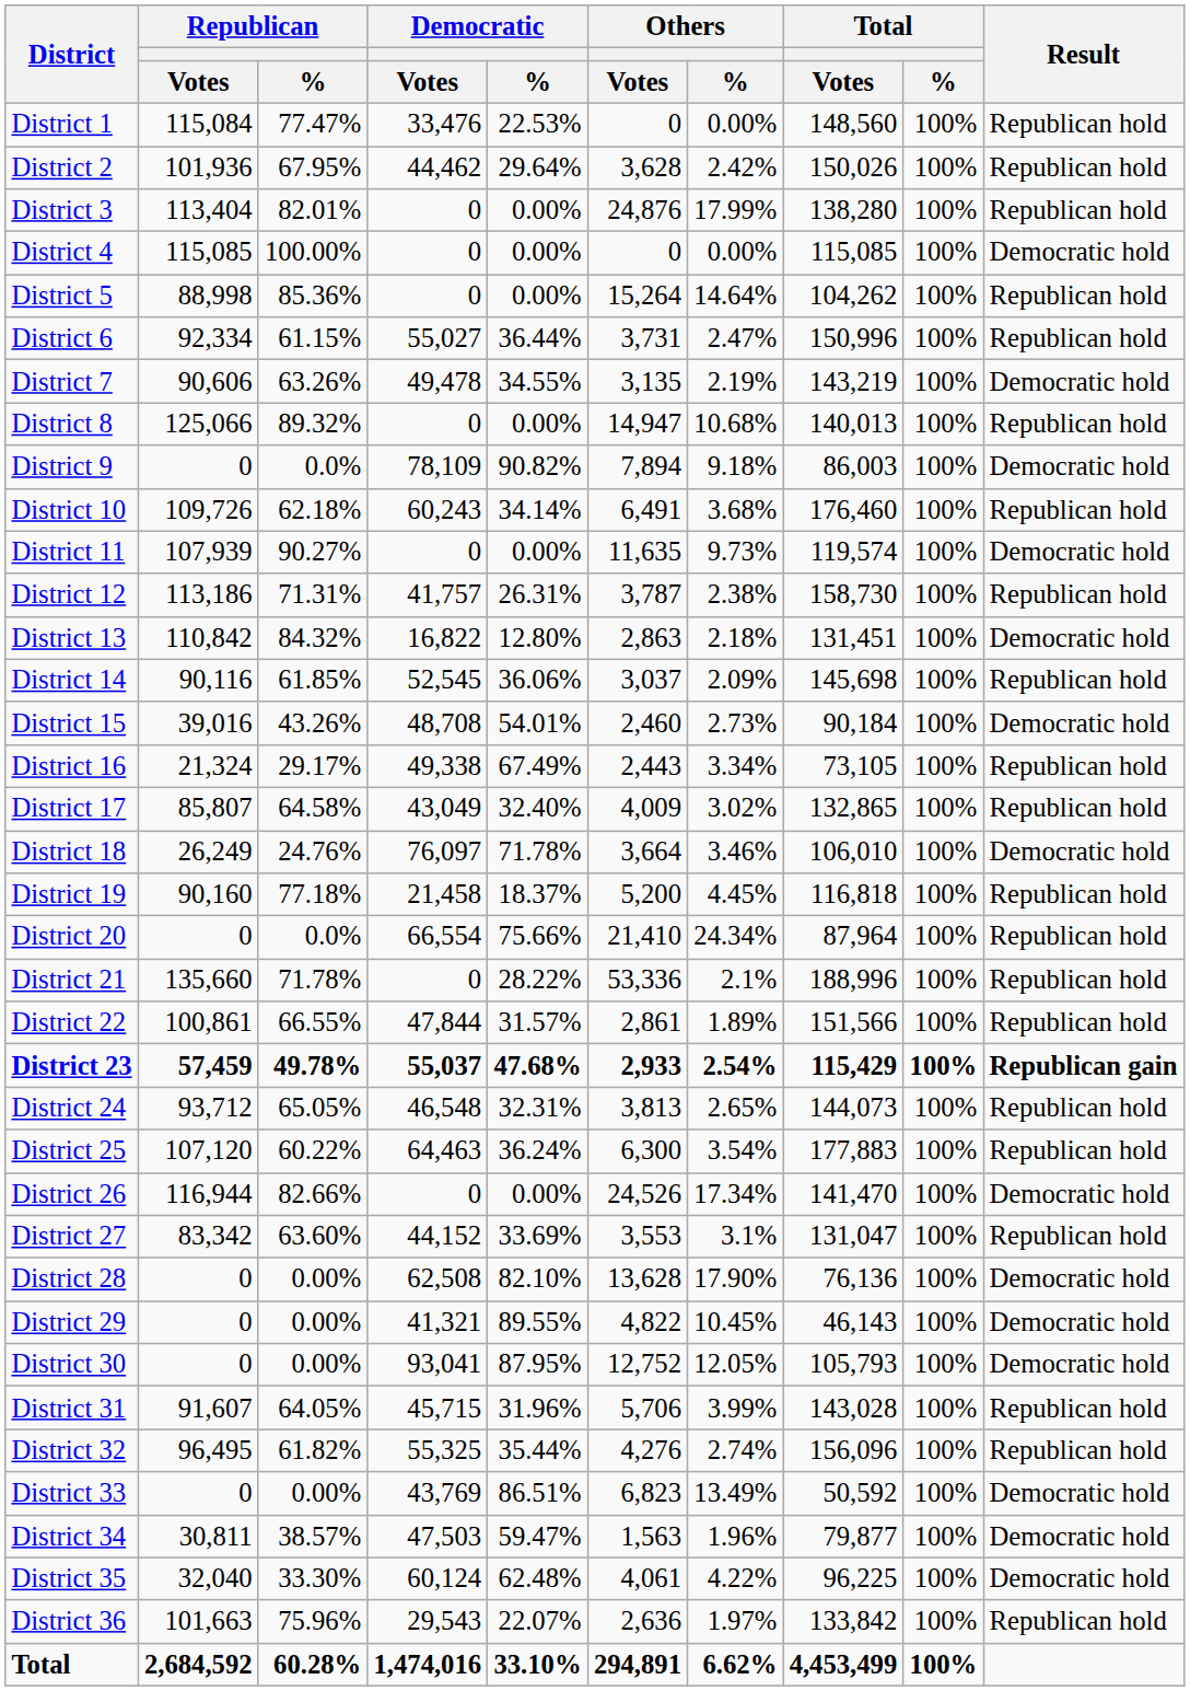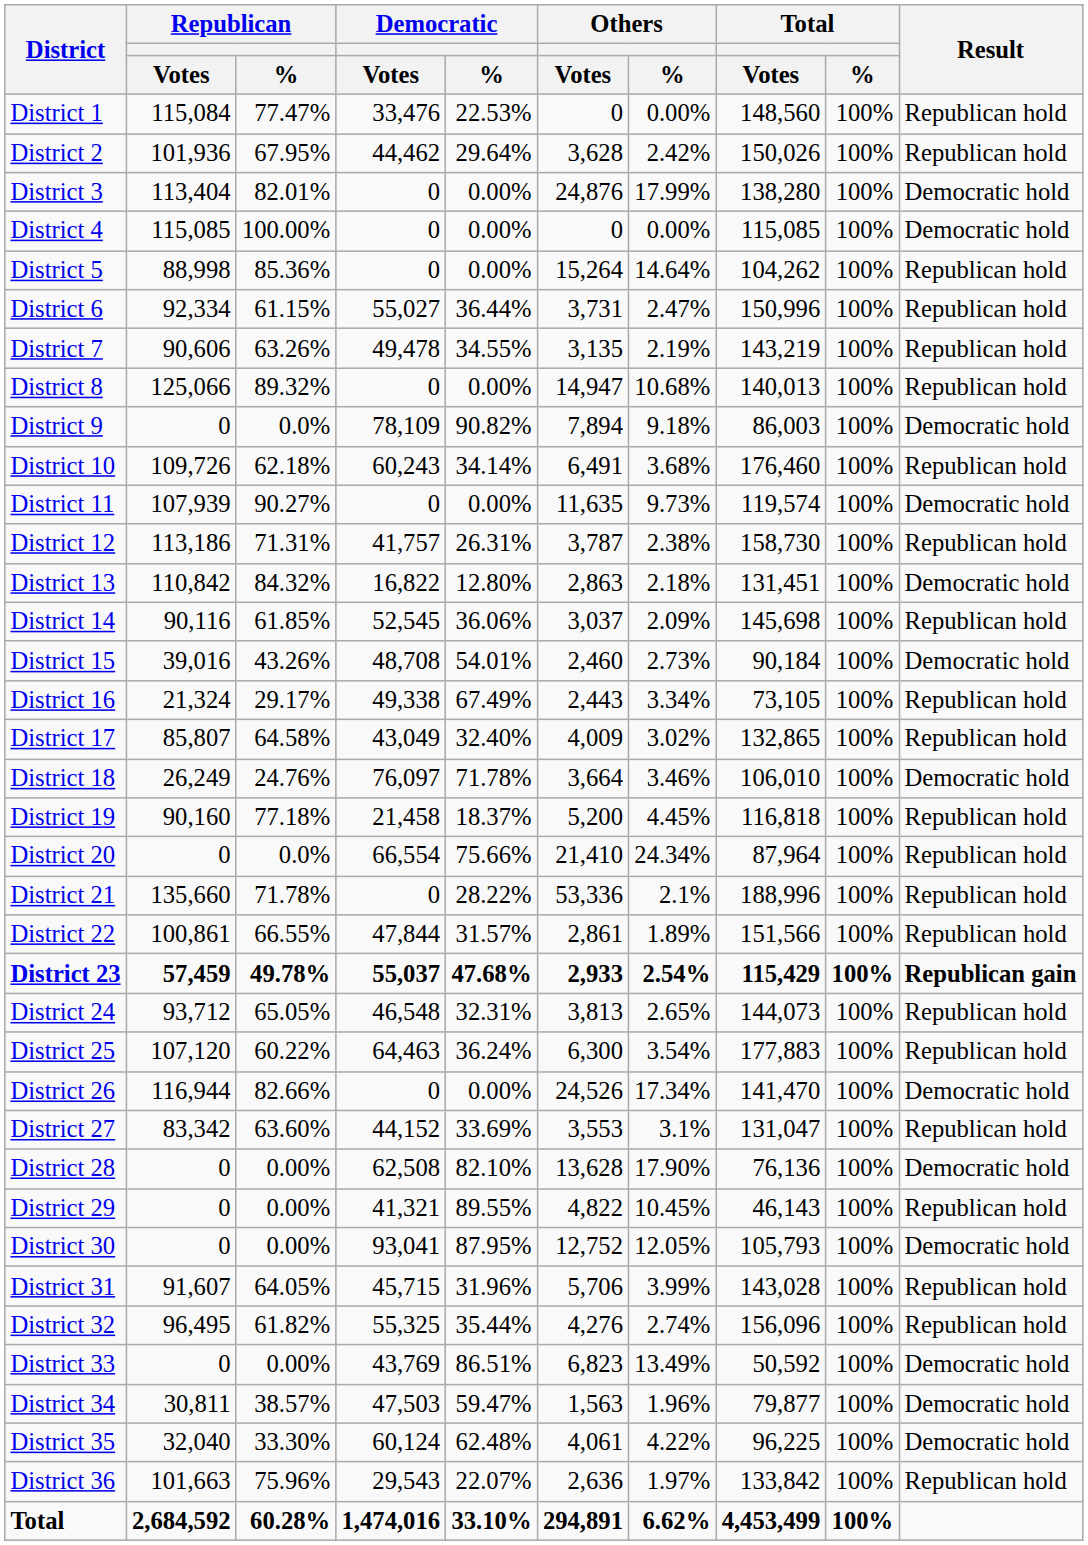 <table class="wikitable plainrowheaders sortable" style="font-size:100%; text-align:right;">
 <tr>
 <th scope=col rowspan=3><a href='#'>District</a></th>
 <th scope=col colspan=2><a href='#'>Republican</a></th>
 <th scope=col colspan=2><a href='#'>Democratic</a></th>
 <th scope=col colspan=2>Others</th>
 <th scope=col colspan=2>Total</th>
 <th scope=col rowspan=3>Result</th>
 </tr>
 <tr>
 <th scope=col colspan=2 style="background:"></th>
 <th scope=col colspan=2 style="background:"></th>
 <th scope=col colspan=2></th>
 <th scope=col colspan=2></th>
 </tr>
 <tr>
 <th scope=col data-sort-type="number">Votes</th>
 <th scope=col data-sort-type="number">%</th>
 <th scope=col data-sort-type="number">Votes</th>
 <th scope=col data-sort-type="number">%</th>
 <th scope=col data-sort-type="number">Votes</th>
 <th scope=col data-sort-type="number">%</th>
 <th scope=col data-sort-type="number">Votes</th>
 <th scope=col data-sort-type="number">%</th>
 </tr>
 <tr>
 <td align=left><a href='#'>District 1</a></td>
 <td>115,084</td>
 <td>77.47%</td>
 <td>33,476</td>
 <td>22.53%</td>
 <td>0</td>
 <td>0.00%</td>
 <td>148,560</td>
 <td>100%</td>
 <td align=left>Republican hold</td>
 </tr>
 <tr>
 <td align=left><a href='#'>District 2</a></td>
 <td>101,936</td>
 <td>67.95%</td>
 <td>44,462</td>
 <td>29.64%</td>
 <td>3,628</td>
 <td>2.42%</td>
 <td>150,026</td>
 <td>100%</td>
 <td align=left>Republican hold</td>
 </tr>
 <tr>
 <td align=left><a href='#'>District 3</a></td>
 <td>113,404</td>
 <td>82.01%</td>
 <td>0</td>
 <td>0.00%</td>
 <td>24,876</td>
 <td>17.99%</td>
 <td>138,280</td>
 <td>100%</td>
-<td align=left>Republican hold</td>
+<td align=left>Democratic hold</td>
 </tr>
 <tr>
 <td align=left><a href='#'>District 4</a></td>
 <td>115,085</td>
 <td>100.00%</td>
 <td>0</td>
 <td>0.00%</td>
 <td>0</td>
 <td>0.00%</td>
 <td>115,085</td>
 <td>100%</td>
 <td align=left>Democratic hold</td>
 </tr>
 <tr>
 <td align=left><a href='#'>District 5</a></td>
 <td>88,998</td>
 <td>85.36%</td>
 <td>0</td>
 <td>0.00%</td>
 <td>15,264</td>
 <td>14.64%</td>
 <td>104,262</td>
 <td>100%</td>
 <td align=left>Republican hold</td>
 </tr>
 <tr>
 <td align=left><a href='#'>District 6</a></td>
 <td>92,334</td>
 <td>61.15%</td>
 <td>55,027</td>
 <td>36.44%</td>
 <td>3,731</td>
 <td>2.47%</td>
 <td>150,996</td>
 <td>100%</td>
 <td align=left>Republican hold</td>
 </tr>
 <tr>
 <td align=left><a href='#'>District 7</a></td>
 <td>90,606</td>
 <td>63.26%</td>
 <td>49,478</td>
 <td>34.55%</td>
 <td>3,135</td>
 <td>2.19%</td>
 <td>143,219</td>
 <td>100%</td>
-<td align=left>Democratic hold</td>
+<td align=left>Republican hold</td>
 </tr>
 <tr>
 <td align=left><a href='#'>District 8</a></td>
 <td>125,066</td>
 <td>89.32%</td>
 <td>0</td>
 <td>0.00%</td>
 <td>14,947</td>
 <td>10.68%</td>
 <td>140,013</td>
 <td>100%</td>
 <td align=left>Republican hold</td>
 </tr>
 <tr>
 <td align=left><a href='#'>District 9</a></td>
 <td>0</td>
 <td>0.0%</td>
 <td>78,109</td>
 <td>90.82%</td>
 <td>7,894</td>
 <td>9.18%</td>
 <td>86,003</td>
 <td>100%</td>
 <td align=left>Democratic hold</td>
 </tr>
 <tr>
 <td align=left><a href='#'>District 10</a></td>
 <td>109,726</td>
 <td>62.18%</td>
 <td>60,243</td>
 <td>34.14%</td>
 <td>6,491</td>
 <td>3.68%</td>
 <td>176,460</td>
 <td>100%</td>
 <td align=left>Republican hold</td>
 </tr>
 <tr>
 <td align=left><a href='#'>District 11</a></td>
 <td>107,939</td>
 <td>90.27%</td>
 <td>0</td>
 <td>0.00%</td>
 <td>11,635</td>
 <td>9.73%</td>
 <td>119,574</td>
 <td>100%</td>
 <td align=left>Democratic hold</td>
 </tr>
 <tr>
 <td align=left><a href='#'>District 12</a></td>
 <td>113,186</td>
 <td>71.31%</td>
 <td>41,757</td>
 <td>26.31%</td>
 <td>3,787</td>
 <td>2.38%</td>
 <td>158,730</td>
 <td>100%</td>
 <td align=left>Republican hold</td>
 </tr>
 <tr>
 <td align=left><a href='#'>District 13</a></td>
 <td>110,842</td>
 <td>84.32%</td>
 <td>16,822</td>
 <td>12.80%</td>
 <td>2,863</td>
 <td>2.18%</td>
 <td>131,451</td>
 <td>100%</td>
 <td align=left>Democratic hold</td>
 </tr>
 <tr>
 <td align=left><a href='#'>District 14</a></td>
 <td>90,116</td>
 <td>61.85%</td>
 <td>52,545</td>
 <td>36.06%</td>
 <td>3,037</td>
 <td>2.09%</td>
 <td>145,698</td>
 <td>100%</td>
 <td align=left>Republican hold</td>
 </tr>
 <tr>
 <td align=left><a href='#'>District 15</a></td>
 <td>39,016</td>
 <td>43.26%</td>
 <td>48,708</td>
 <td>54.01%</td>
 <td>2,460</td>
 <td>2.73%</td>
 <td>90,184</td>
 <td>100%</td>
 <td align=left>Democratic hold</td>
 </tr>
 <tr>
 <td align=left><a href='#'>District 16</a></td>
 <td>21,324</td>
 <td>29.17%</td>
 <td>49,338</td>
 <td>67.49%</td>
 <td>2,443</td>
 <td>3.34%</td>
 <td>73,105</td>
 <td>100%</td>
 <td align=left>Republican hold</td>
 </tr>
 <tr>
 <td align=left><a href='#'>District 17</a></td>
 <td>85,807</td>
 <td>64.58%</td>
 <td>43,049</td>
 <td>32.40%</td>
 <td>4,009</td>
 <td>3.02%</td>
 <td>132,865</td>
 <td>100%</td>
 <td align=left>Republican hold</td>
 </tr>
 <tr>
 <td align=left><a href='#'>District 18</a></td>
 <td>26,249</td>
 <td>24.76%</td>
 <td>76,097</td>
 <td>71.78%</td>
 <td>3,664</td>
 <td>3.46%</td>
 <td>106,010</td>
 <td>100%</td>
 <td align=left>Democratic hold</td>
 </tr>
 <tr>
 <td align=left><a href='#'>District 19</a></td>
 <td>90,160</td>
 <td>77.18%</td>
 <td>21,458</td>
 <td>18.37%</td>
 <td>5,200</td>
 <td>4.45%</td>
 <td>116,818</td>
 <td>100%</td>
 <td align=left>Republican hold</td>
 </tr>
 <tr>
 <td align=left><a href='#'>District 20</a></td>
 <td>0</td>
 <td>0.0%</td>
 <td>66,554</td>
 <td>75.66%</td>
 <td>21,410</td>
 <td>24.34%</td>
 <td>87,964</td>
 <td>100%</td>
 <td align=left>Republican hold</td>
 </tr>
 <tr>
 <td align=left><a href='#'>District 21</a></td>
 <td>135,660</td>
 <td>71.78%</td>
 <td>0</td>
 <td>28.22%</td>
 <td>53,336</td>
 <td>2.1%</td>
 <td>188,996</td>
 <td>100%</td>
 <td align=left>Republican hold</td>
 </tr>
 <tr>
 <td align=left><a href='#'>District 22</a></td>
 <td>100,861</td>
 <td>66.55%</td>
 <td>47,844</td>
 <td>31.57%</td>
 <td>2,861</td>
 <td>1.89%</td>
 <td>151,566</td>
 <td>100%</td>
 <td align=left>Republican hold</td>
 </tr>
 <tr>
 <td align=left><strong><a href='#'>District 23</a></strong></td>
 <td><strong>57,459</strong></td>
 <td><strong>49.78%</strong></td>
 <td><strong>55,037</strong></td>
 <td><strong>47.68%</strong></td>
 <td><strong>2,933</strong></td>
 <td><strong>2.54%</strong></td>
 <td><strong>115,429</strong></td>
 <td><strong>100%</strong></td>
 <td align=left><strong>Republican gain</strong></td>
 </tr>
 <tr>
 <td align=left><a href='#'>District 24</a></td>
 <td>93,712</td>
 <td>65.05%</td>
 <td>46,548</td>
 <td>32.31%</td>
 <td>3,813</td>
 <td>2.65%</td>
 <td>144,073</td>
 <td>100%</td>
 <td align=left>Republican hold</td>
 </tr>
 <tr>
 <td align=left><a href='#'>District 25</a></td>
 <td>107,120</td>
 <td>60.22%</td>
 <td>64,463</td>
 <td>36.24%</td>
 <td>6,300</td>
 <td>3.54%</td>
 <td>177,883</td>
 <td>100%</td>
 <td align=left>Republican hold</td>
 </tr>
 <tr>
 <td align=left><a href='#'>District 26</a></td>
 <td>116,944</td>
 <td>82.66%</td>
 <td>0</td>
 <td>0.00%</td>
 <td>24,526</td>
 <td>17.34%</td>
 <td>141,470</td>
 <td>100%</td>
 <td align=left>Democratic hold</td>
 </tr>
 <tr>
 <td align=left><a href='#'>District 27</a></td>
 <td>83,342</td>
 <td>63.60%</td>
 <td>44,152</td>
 <td>33.69%</td>
 <td>3,553</td>
 <td>3.1%</td>
 <td>131,047</td>
 <td>100%</td>
 <td align=left>Republican hold</td>
 </tr>
 <tr>
 <td align=left><a href='#'>District 28</a></td>
 <td>0</td>
 <td>0.00%</td>
 <td>62,508</td>
 <td>82.10%</td>
 <td>13,628</td>
 <td>17.90%</td>
 <td>76,136</td>
 <td>100%</td>
 <td align=left>Democratic hold</td>
 </tr>
 <tr>
 <td align=left><a href='#'>District 29</a></td>
 <td>0</td>
 <td>0.00%</td>
 <td>41,321</td>
 <td>89.55%</td>
 <td>4,822</td>
 <td>10.45%</td>
 <td>46,143</td>
 <td>100%</td>
-<td align=left>Democratic hold</td>
+<td align=left>Republican hold</td>
 </tr>
 <tr>
 <td align=left><a href='#'>District 30</a></td>
 <td>0</td>
 <td>0.00%</td>
 <td>93,041</td>
 <td>87.95%</td>
 <td>12,752</td>
 <td>12.05%</td>
 <td>105,793</td>
 <td>100%</td>
 <td align=left>Democratic hold</td>
 </tr>
 <tr>
 <td align=left><a href='#'>District 31</a></td>
 <td>91,607</td>
 <td>64.05%</td>
 <td>45,715</td>
 <td>31.96%</td>
 <td>5,706</td>
 <td>3.99%</td>
 <td>143,028</td>
 <td>100%</td>
 <td align=left>Republican hold</td>
 </tr>
 <tr>
 <td align=left><a href='#'>District 32</a></td>
 <td>96,495</td>
 <td>61.82%</td>
 <td>55,325</td>
 <td>35.44%</td>
 <td>4,276</td>
 <td>2.74%</td>
 <td>156,096</td>
 <td>100%</td>
 <td align=left>Republican hold</td>
 </tr>
 <tr>
 <td align=left><a href='#'>District 33</a></td>
 <td>0</td>
 <td>0.00%</td>
 <td>43,769</td>
 <td>86.51%</td>
 <td>6,823</td>
 <td>13.49%</td>
 <td>50,592</td>
 <td>100%</td>
 <td align=left>Democratic hold</td>
 </tr>
 <tr>
 <td align=left><a href='#'>District 34</a></td>
 <td>30,811</td>
 <td>38.57%</td>
 <td>47,503</td>
 <td>59.47%</td>
 <td>1,563</td>
 <td>1.96%</td>
 <td>79,877</td>
 <td>100%</td>
 <td align=left>Democratic hold</td>
 </tr>
 <tr>
 <td align=left><a href='#'>District 35</a></td>
 <td>32,040</td>
 <td>33.30%</td>
 <td>60,124</td>
 <td>62.48%</td>
 <td>4,061</td>
 <td>4.22%</td>
 <td>96,225</td>
 <td>100%</td>
 <td align=left>Democratic hold</td>
 </tr>
 <tr>
 <td align=left><a href='#'>District 36</a></td>
 <td>101,663</td>
 <td>75.96%</td>
 <td>29,543</td>
 <td>22.07%</td>
 <td>2,636</td>
 <td>1.97%</td>
 <td>133,842</td>
 <td>100%</td>
 <td align=left>Republican hold</td>
 </tr>
 <tr class="sortbottom" style="font-weight:bold">
 <td align=left>Total</td>
 <td>2,684,592</td>
 <td>60.28%</td>
 <td>1,474,016</td>
 <td>33.10%</td>
 <td>294,891</td>
 <td>6.62%</td>
 <td>4,453,499</td>
 <td>100%</td>
 <td></td>
 </tr>
 </table>
